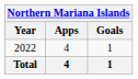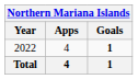 <table class="wikitable" style="text-align:center">
 <tr>
 <th colspan=3><a href='#'>Northern Mariana Islands</a></th>
 </tr>
 <tr>
 <th>Year</th>
 <th>Apps</th>
 <th>Goals</th>
 </tr>
 <tr>
 <td>2022</td>
 <td>4</td>
-<td>1</td>
+<td><strong>1</strong></td>
 </tr>
 <tr>
 <th>Total</th>
 <th>4</th>
 <th>1</th>
 </tr>
 </table>
